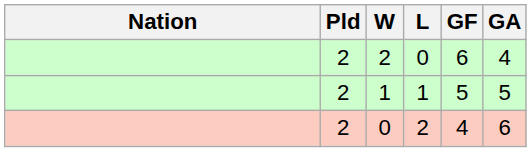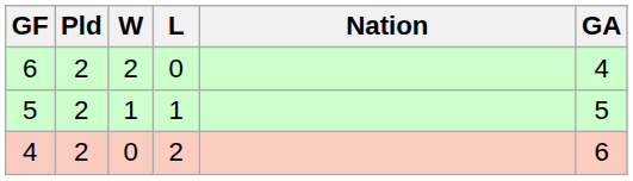 <table class=wikitable style="text-align:center">
 <tr>
-<th width=220>Nation</th>
+<th width=20>GF</th>
 <th width=20>Pld</th>
 <th width=20>W</th>
 <th width=20>L</th>
-<th width=20>GF</th>
+<th width=220>Nation</th>
 <th width=20>GA</th>
 </tr>
 <tr bgcolor="#ccffcc">
-<td align=left></td>
+<td>6</td>
 <td>2</td>
 <td>2</td>
 <td>0</td>
-<td>6</td>
+<td align=left></td>
 <td>4</td>
 </tr>
 <tr bgcolor="#ccffcc">
-<td align=left></td>
+<td>5</td>
 <td>2</td>
 <td>1</td>
 <td>1</td>
-<td>5</td>
+<td align=left></td>
 <td>5</td>
 </tr>
 <tr bgcolor="#fcccc">
-<td align=left></td>
+<td>4</td>
 <td>2</td>
 <td>0</td>
 <td>2</td>
-<td>4</td>
+<td align=left></td>
 <td>6</td>
 </tr>
 </table>
